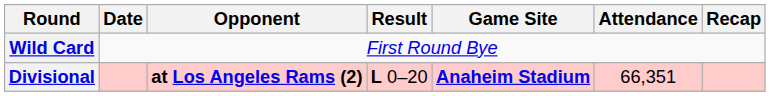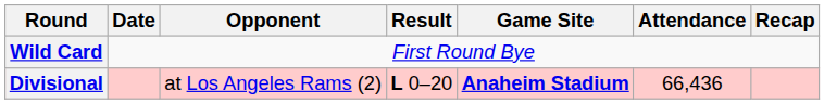 <table class="wikitable" style="text-align:center">
 <tr>
 <th>Round</th>
 <th>Date</th>
 <th>Opponent</th>
 <th>Result</th>
 <th>Game Site</th>
 <th>Attendance</th>
 <th>Recap</th>
 </tr>
 <tr>
 <th><a href='#'>Wild Card</a></th>
 <td colspan=7><em><a href='#'>First Round Bye</a></em></td>
 </tr>
 <tr style="background: #fcc">
 <th><a href='#'>Divisional</a></th>
 <td></td>
-<td><strong>at <a href='#'>Los Angeles Rams</a> (2)</strong></td>
+<td>at <a href='#'>Los Angeles Rams</a> (2)</td>
 <td><strong>L</strong> 0–20</td>
 <td><strong><a href='#'>Anaheim Stadium</a></strong></td>
-<td>66,351</td>
+<td>66,436</td>
 <td></td>
 </tr>
 </table>
